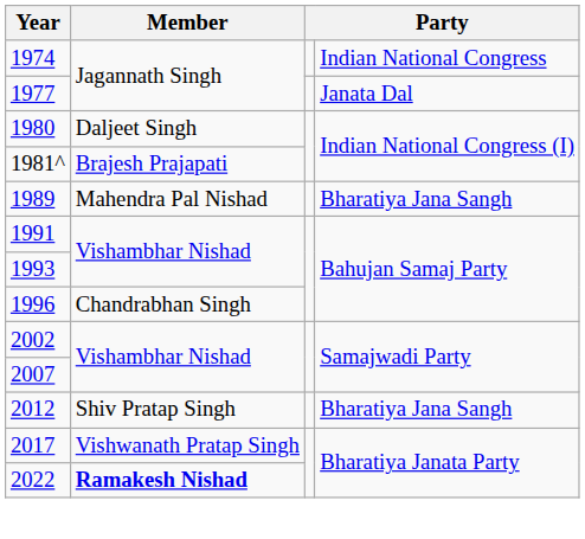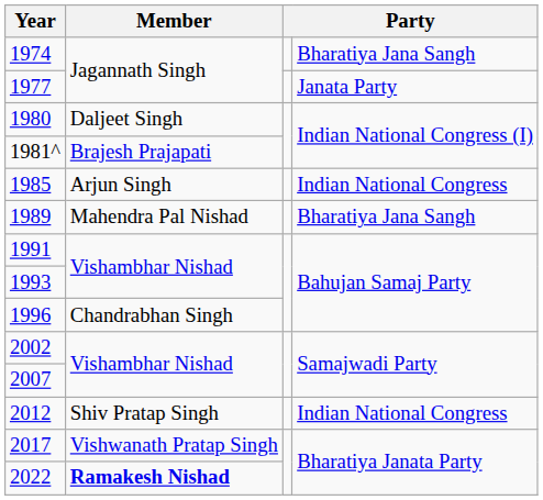 <table class="wikitable">
 <tr>
 <th>Year</th>
 <th>Member</th>
 <th colspan="2">Party</th>
 </tr>
 <tr>
 <td><a href='#'>1974</a></td>
 <td rowspan="2">Jagannath Singh</td>
 <td style="background-color: "></td>
-<td><a href='#'>Indian National Congress</a></td>
+<td><a href='#'>Bharatiya Jana Sangh</a></td>
 </tr>
 <tr>
 <td><a href='#'>1977</a></td>
 <td style="background-color: "></td>
-<td><a href='#'>Janata Dal</a></td>
+<td><a href='#'>Janata Party</a></td>
 </tr>
 <tr>
 <td><a href='#'>1980</a></td>
 <td>Daljeet Singh</td>
 <td rowspan="2" style="background-color: "></td>
 <td rowspan="2"><a href='#'>Indian National Congress (I)</a></td>
 </tr>
 <tr>
 <td>1981^</td>
 <td><a href='#'>Brajesh Prajapati</a></td>
+</tr>
+<tr>
+<td><a href='#'>1985</a></td>
+<td>Arjun Singh</td>
+<td style="background-color: "></td>
+<td><a href='#'>Indian National Congress</a></td>
 </tr>
 <tr>
 <td><a href='#'>1989</a></td>
 <td>Mahendra Pal Nishad</td>
 <td style="background-color: "></td>
 <td><a href='#'>Bharatiya Jana Sangh</a></td>
 </tr>
 <tr>
 <td><a href='#'>1991</a></td>
 <td rowspan="2"><a href='#'>Vishambhar Nishad</a></td>
 <td rowspan="3" style="background-color: "></td>
 <td rowspan="3"><a href='#'>Bahujan Samaj Party</a></td>
 </tr>
 <tr>
 <td><a href='#'>1993</a></td>
 </tr>
 <tr>
 <td><a href='#'>1996</a></td>
 <td>Chandrabhan Singh</td>
 </tr>
 <tr>
 <td><a href='#'>2002</a></td>
 <td rowspan="2"><a href='#'>Vishambhar Nishad</a></td>
 <td rowspan="2" style="background-color: "></td>
 <td rowspan="2"><a href='#'>Samajwadi Party</a></td>
 </tr>
 <tr>
 <td><a href='#'>2007</a></td>
 </tr>
 <tr>
 <td><a href='#'>2012</a></td>
 <td>Shiv Pratap Singh</td>
 <td style="background-color: "></td>
-<td><a href='#'>Bharatiya Jana Sangh</a></td>
+<td><a href='#'>Indian National Congress</a></td>
 </tr>
 <tr>
 <td><a href='#'>2017</a></td>
 <td><a href='#'>Vishwanath Pratap Singh</a></td>
 <td rowspan="2" style="background-color: "></td>
 <td rowspan="2"><a href='#'>Bharatiya Janata Party</a></td>
 </tr>
 <tr>
 <td><a href='#'>2022</a></td>
 <td><strong><a href='#'>Ramakesh Nishad</a></strong></td>
 </tr>
 </table>
